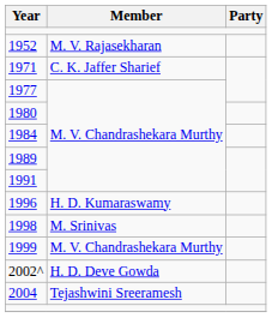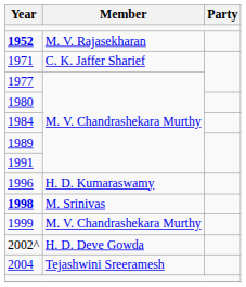 <table class="wikitable sortable">
 <tr>
 <th>Year</th>
 <th>Member</th>
 <th colspan="2">Party</th>
 </tr>
 <tr>
 <td colspan=4></td>
 </tr>
 <tr>
-<td><a href='#'>1952</a></td>
+<td><strong><a href='#'>1952</a></strong></td>
 <td><a href='#'>M. V. Rajasekharan</a></td>
 <td></td>
 </tr>
 <tr>
 <td><a href='#'>1971</a></td>
 <td><a href='#'>C. K. Jaffer Sharief</a></td>
 </tr>
 <tr>
 <td><a href='#'>1977</a></td>
 <td rowspan="5"><a href='#'>M. V. Chandrashekara Murthy</a></td>
 </tr>
 <tr>
 <td><a href='#'>1980</a></td>
 <td></td>
 </tr>
 <tr>
 <td><a href='#'>1984</a></td>
 <td></td>
 </tr>
 <tr>
 <td><a href='#'>1989</a></td>
 </tr>
 <tr>
 <td><a href='#'>1991</a></td>
 </tr>
 <tr>
 <td><a href='#'>1996</a></td>
 <td><a href='#'>H. D. Kumaraswamy</a></td>
 <td></td>
 </tr>
 <tr>
-<td><a href='#'>1998</a></td>
+<td><strong><a href='#'>1998</a></strong></td>
 <td><a href='#'>M. Srinivas</a></td>
 <td></td>
 </tr>
 <tr>
 <td><a href='#'>1999</a></td>
 <td><a href='#'>M. V. Chandrashekara Murthy</a></td>
 <td></td>
 </tr>
 <tr>
 <td>2002^</td>
 <td><a href='#'>H. D. Deve Gowda</a></td>
 <td></td>
 </tr>
 <tr>
 <td><a href='#'>2004</a></td>
 <td><a href='#'>Tejashwini Sreeramesh</a></td>
 <td></td>
 </tr>
 <tr>
 <td colspan=4></td>
 </tr>
 <tr>
 </tr>
 </table>
